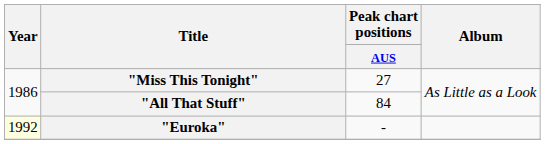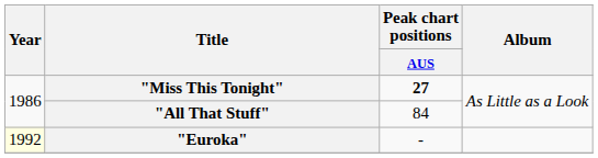 <table class="wikitable plainrowheaders" style="text-align:center;" border="1">
 <tr>
 <th scope="col" rowspan="2">Year</th>
 <th scope="col" rowspan="2" style="width:20em;">Title</th>
 <th scope="col" colspan="1">Peak chart<br>positions</th>
 <th scope="col" rowspan="2">Album</th>
 </tr>
 <tr>
 <th scope="col" style="text-align:center;"><small><a href='#'>AUS</a></small><br></th>
 </tr>
 <tr>
 <td rowspan="2">1986</td>
 <th scope="row">"Miss This Tonight"</th>
-<td style="text-align:center;">27</td>
+<td style="text-align:center;"><strong>27</strong></td>
 <td rowspan="2"><em>As Little as a Look</em></td>
 </tr>
 <tr>
 <th scope="row">"All That Stuff"</th>
 <td style="text-align:center;">84</td>
 </tr>
 <tr>
 <td style="background: lightyellow;">1992</td>
 <th scope="row">"Euroka"</th>
 <td style="text-align:center;">-</td>
 <td></td>
 </tr>
 <tr>
 </tr>
 </table>
